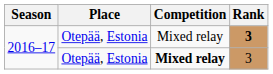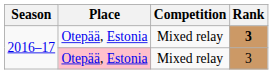 <table class="wikitable sortable" style="text-align: center;">
 <tr>
 <th>Season</th>
 <th>Place</th>
 <th>Competition</th>
 <th>Rank</th>
 </tr>
 <tr>
 <td rowspan="2"><a href='#'>2016–17</a></td>
 <td style="text-align: left;"> <a href='#'>Otepää</a>, <a href='#'>Estonia</a></td>
 <td>Mixed relay</td>
 <td bgcolor="cc9966"><strong>3</strong></td>
 </tr>
 <tr>
-<td style="text-align: left;"> <a href='#'>Otepää</a>, <a href='#'>Estonia</a></td>
-<td><strong>Mixed relay</strong></td>
+<td style="background: pink; text-align: left;"> <a href='#'>Otepää</a>, <a href='#'>Estonia</a></td>
+<td>Mixed relay</td>
 <td bgcolor="cc9966">3</td>
 </tr>
 </table>
